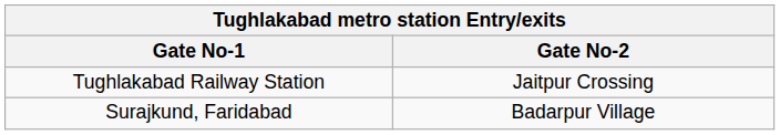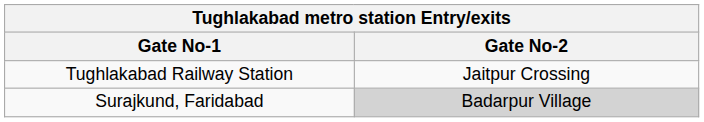 <table class="wikitable" style="text-align: center;" width="50%">
 <tr>
 <th colspan="3" style="background:#"><span>Tughlakabad metro station Entry/exits</span></th>
 </tr>
 <tr>
 <th style="width:15%;">Gate No-1 </th>
 <th style="width:15%;">Gate No-2</th>
 </tr>
 <tr>
 <td>Tughlakabad Railway Station</td>
 <td>Jaitpur Crossing</td>
 </tr>
 <tr>
 <td>Surajkund, Faridabad</td>
-<td>Badarpur Village</td>
+<td style="background: lightgrey;">Badarpur Village</td>
 </tr>
 </table>
